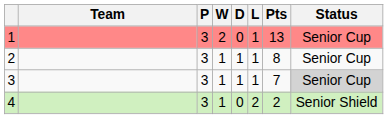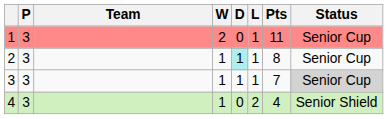 <table class="wikitable" style="text-align:center;">
 <tr>
 <th></th>
+<th>P</th>
 <th width="200px">Team</th>
-<th>P</th>
 <th>W</th>
 <th>D</th>
 <th>L</th>
 <th width="23px">Pts</th>
 <th width="100px">Status</th>
 </tr>
 <tr bgcolor="#FF8888">
 <td>1</td>
+<td>3</td>
 <td></td>
-<td>3</td>
 <td>2</td>
 <td>0</td>
 <td>1</td>
-<td>13</td>
+<td>11</td>
 <td>Senior Cup</td>
 </tr>
 <tr>
 <td>2</td>
+<td>3</td>
 <td></td>
-<td>3</td>
 <td>1</td>
-<td>1</td>
+<td style="background: paleturquoise;">1</td>
 <td>1</td>
 <td>8</td>
 <td>Senior Cup</td>
 </tr>
 <tr>
 <td>3</td>
+<td>3</td>
 <td></td>
-<td>3</td>
 <td>1</td>
 <td>1</td>
 <td>1</td>
 <td>7</td>
 <td style="background: lightgrey;">Senior Cup</td>
 </tr>
 <tr bgcolor="#D0F0C0">
 <td>4</td>
+<td>3</td>
 <td></td>
-<td>3</td>
 <td>1</td>
 <td>0</td>
 <td>2</td>
-<td>2</td>
+<td>4</td>
 <td>Senior Shield</td>
 </tr>
 </table>
